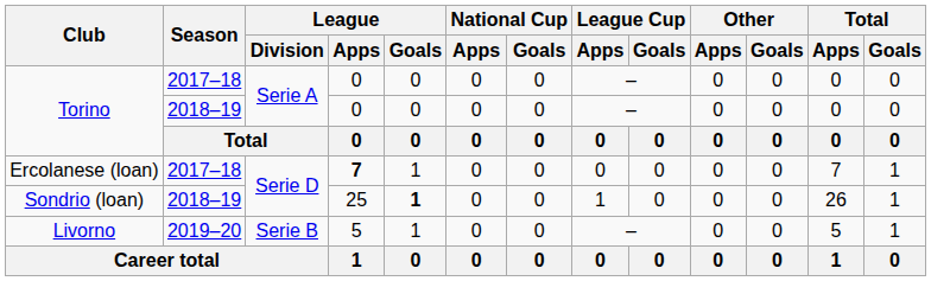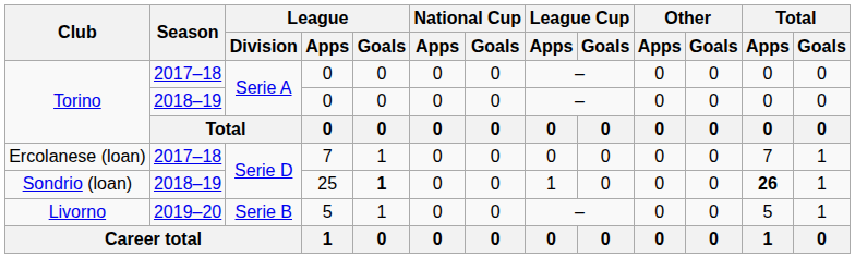 <table class="wikitable" style="text-align: center">
 <tr>
 <th rowspan="2">Club</th>
 <th rowspan="2">Season</th>
 <th colspan="3">League</th>
 <th colspan="2">National Cup</th>
 <th colspan="2">League Cup</th>
 <th colspan="2">Other</th>
 <th colspan="2">Total</th>
 </tr>
 <tr>
 <th>Division</th>
 <th>Apps</th>
 <th>Goals</th>
 <th>Apps</th>
 <th>Goals</th>
 <th>Apps</th>
 <th>Goals</th>
 <th>Apps</th>
 <th>Goals</th>
 <th>Apps</th>
 <th>Goals</th>
 </tr>
 <tr>
 <td rowspan="3"><a href='#'>Torino</a></td>
 <td><a href='#'>2017–18</a></td>
 <td rowspan="2"><a href='#'>Serie A</a></td>
 <td>0</td>
 <td>0</td>
 <td>0</td>
 <td>0</td>
 <td colspan="2">–</td>
 <td>0</td>
 <td>0</td>
 <td>0</td>
 <td>0</td>
 </tr>
 <tr>
 <td><a href='#'>2018–19</a></td>
 <td>0</td>
 <td>0</td>
 <td>0</td>
 <td>0</td>
 <td colspan="2">–</td>
 <td>0</td>
 <td>0</td>
 <td>0</td>
 <td>0</td>
 </tr>
 <tr>
 <th colspan="2">Total</th>
 <th>0</th>
 <th>0</th>
 <th>0</th>
 <th>0</th>
 <th>0</th>
 <th>0</th>
 <th>0</th>
 <th>0</th>
 <th>0</th>
 <th>0</th>
 </tr>
 <tr>
 <td>Ercolanese (loan)</td>
 <td><a href='#'>2017–18</a></td>
 <td rowspan="2"><a href='#'>Serie D</a></td>
-<td><strong>7</strong></td>
+<td>7</td>
 <td>1</td>
 <td>0</td>
 <td>0</td>
 <td>0</td>
 <td>0</td>
 <td>0</td>
 <td>0</td>
 <td>7</td>
 <td>1</td>
 </tr>
 <tr>
 <td><a href='#'>Sondrio</a> (loan)</td>
 <td><a href='#'>2018–19</a></td>
 <td>25</td>
 <td><strong>1</strong></td>
 <td>0</td>
 <td>0</td>
 <td>1</td>
 <td>0</td>
 <td>0</td>
 <td>0</td>
-<td>26</td>
+<td><strong>26</strong></td>
 <td>1</td>
 </tr>
 <tr>
 <td><a href='#'>Livorno</a></td>
 <td><a href='#'>2019–20</a></td>
 <td><a href='#'>Serie B</a></td>
 <td>5</td>
 <td>1</td>
 <td>0</td>
 <td>0</td>
 <td colspan="2">–</td>
 <td>0</td>
 <td>0</td>
 <td>5</td>
 <td>1</td>
 </tr>
 <tr>
 <th colspan="3">Career total</th>
 <th>1</th>
 <th>0</th>
 <th>0</th>
 <th>0</th>
 <th>0</th>
 <th>0</th>
 <th>0</th>
 <th>0</th>
 <th>1</th>
 <th>0</th>
 </tr>
 </table>
